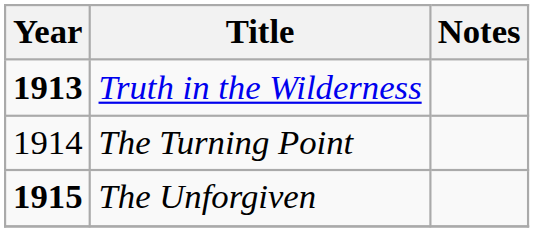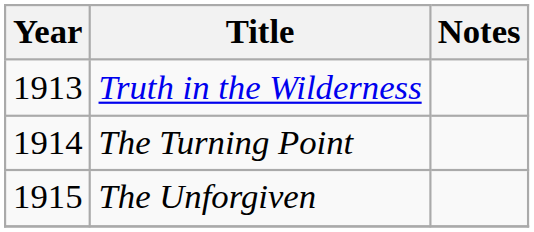 <table class="wikitable">
 <tr>
 <th>Year</th>
 <th>Title</th>
 <th>Notes</th>
 </tr>
 <tr>
-<td><strong>1913</strong></td>
+<td>1913</td>
 <td><em><a href='#'>Truth in the Wilderness</a></em></td>
 <td></td>
 </tr>
 <tr>
 <td>1914</td>
 <td><em>The Turning Point</em></td>
 <td></td>
 </tr>
 <tr>
-<td><strong>1915</strong></td>
+<td>1915</td>
 <td><em>The Unforgiven</em></td>
 <td></td>
 </tr>
 <tr>
 </tr>
 </table>
